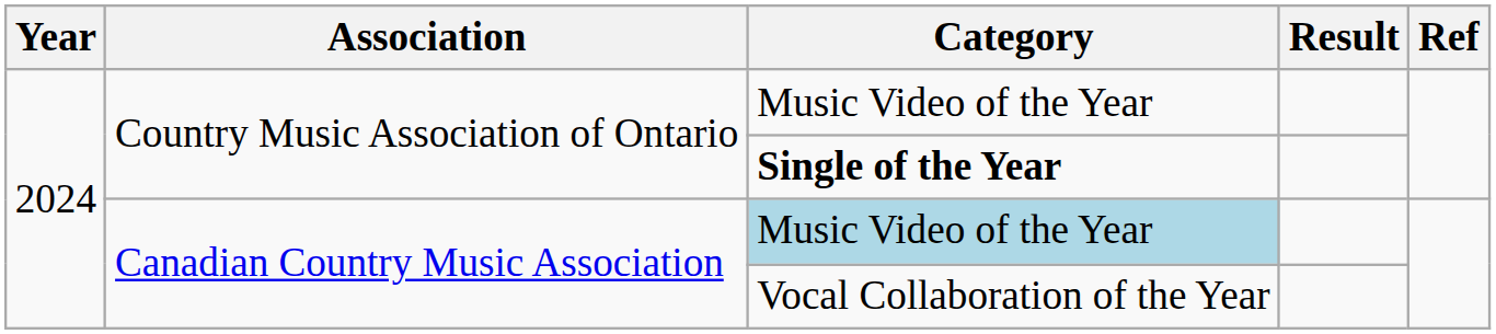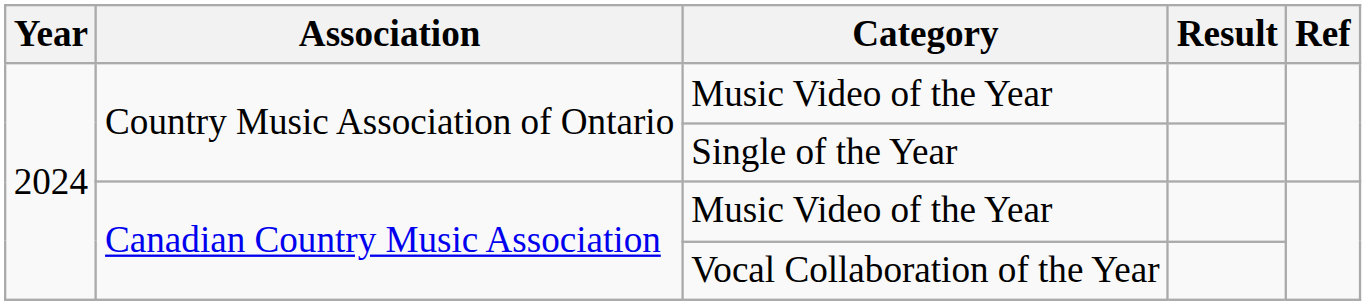 <table class="wikitable">
 <tr>
 <th>Year</th>
 <th>Association</th>
 <th>Category</th>
 <th>Result</th>
 <th>Ref</th>
 </tr>
 <tr>
 <td rowspan="4">2024</td>
 <td rowspan="2">Country Music Association of Ontario</td>
 <td>Music Video of the Year</td>
 <td></td>
 <td rowspan="2"><br></td>
 </tr>
 <tr>
-<td><strong>Single of the Year</strong></td>
+<td>Single of the Year</td>
 <td></td>
 </tr>
 <tr>
 <td rowspan="2"><a href='#'>Canadian Country Music Association</a></td>
-<td style="background: lightblue;">Music Video of the Year</td>
+<td>Music Video of the Year</td>
 <td></td>
 <td rowspan="2"><br></td>
 </tr>
 <tr>
 <td>Vocal Collaboration of the Year</td>
 <td></td>
 </tr>
 </table>
